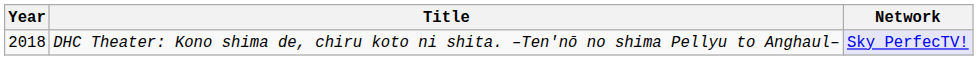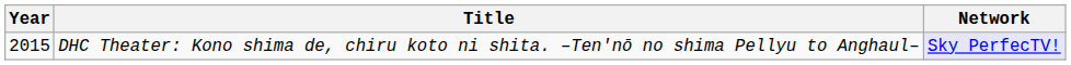 <table class="wikitable">
 <tr>
 <th>Year</th>
 <th>Title</th>
 <th>Network</th>
 </tr>
 <tr>
-<td>2018</td>
+<td>2015</td>
 <td><em>DHC Theater: Kono shima de, chiru koto ni shita. –Ten'nō no shima Pellyu to Anghaul–</em></td>
 <td style="background: lavender;"><a href='#'>Sky PerfecTV!</a></td>
 </tr>
 </table>
